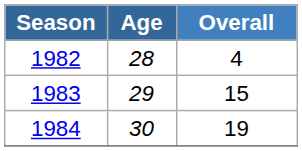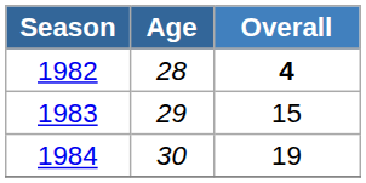 <table class="wikitable" style="font-size:95%; text-align:center; border:grey solid 1px; border-collapse:collapse; background:#ffffff;">
 <tr>
 <th style="background-color:#369; color:white; width:60px;"> Season </th>
 <th style="background-color:#369; color:white; width:40px;"> Age </th>
 <th style="background-color:#4180be; color:white; width:75px;">Overall</th>
 </tr>
 <tr>
 <td><a href='#'>1982</a></td>
 <td><em>28</em></td>
-<td>4</td>
+<td><strong>4</strong></td>
 </tr>
 <tr>
 <td><a href='#'>1983</a></td>
 <td><em>29</em></td>
 <td>15</td>
 </tr>
 <tr>
 <td><a href='#'>1984</a></td>
 <td><em>30</em></td>
 <td>19</td>
 </tr>
 <tr>
 </tr>
 </table>
